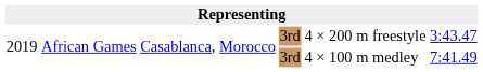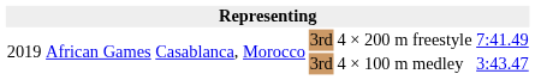 <table>
 <tr>
 <th bgcolor="#eeeeee" colspan="6">Representing </th>
 </tr>
 <tr>
 <td rowspan=2>2019</td>
 <td rowspan=2><a href='#'>African Games</a></td>
 <td rowspan=2 align=left> <a href='#'>Casablanca</a>, <a href='#'>Morocco</a></td>
 <td bgcolor="cc9966">3rd</td>
 <td>4 × 200 m freestyle</td>
-<td><a href='#'>3:43.47</a></td>
+<td><a href='#'>7:41.49</a></td>
 </tr>
 <tr>
 <td bgcolor="cc9966">3rd</td>
 <td>4 × 100 m medley</td>
-<td><a href='#'>7:41.49</a></td>
+<td><a href='#'>3:43.47</a></td>
 </tr>
 </table>
